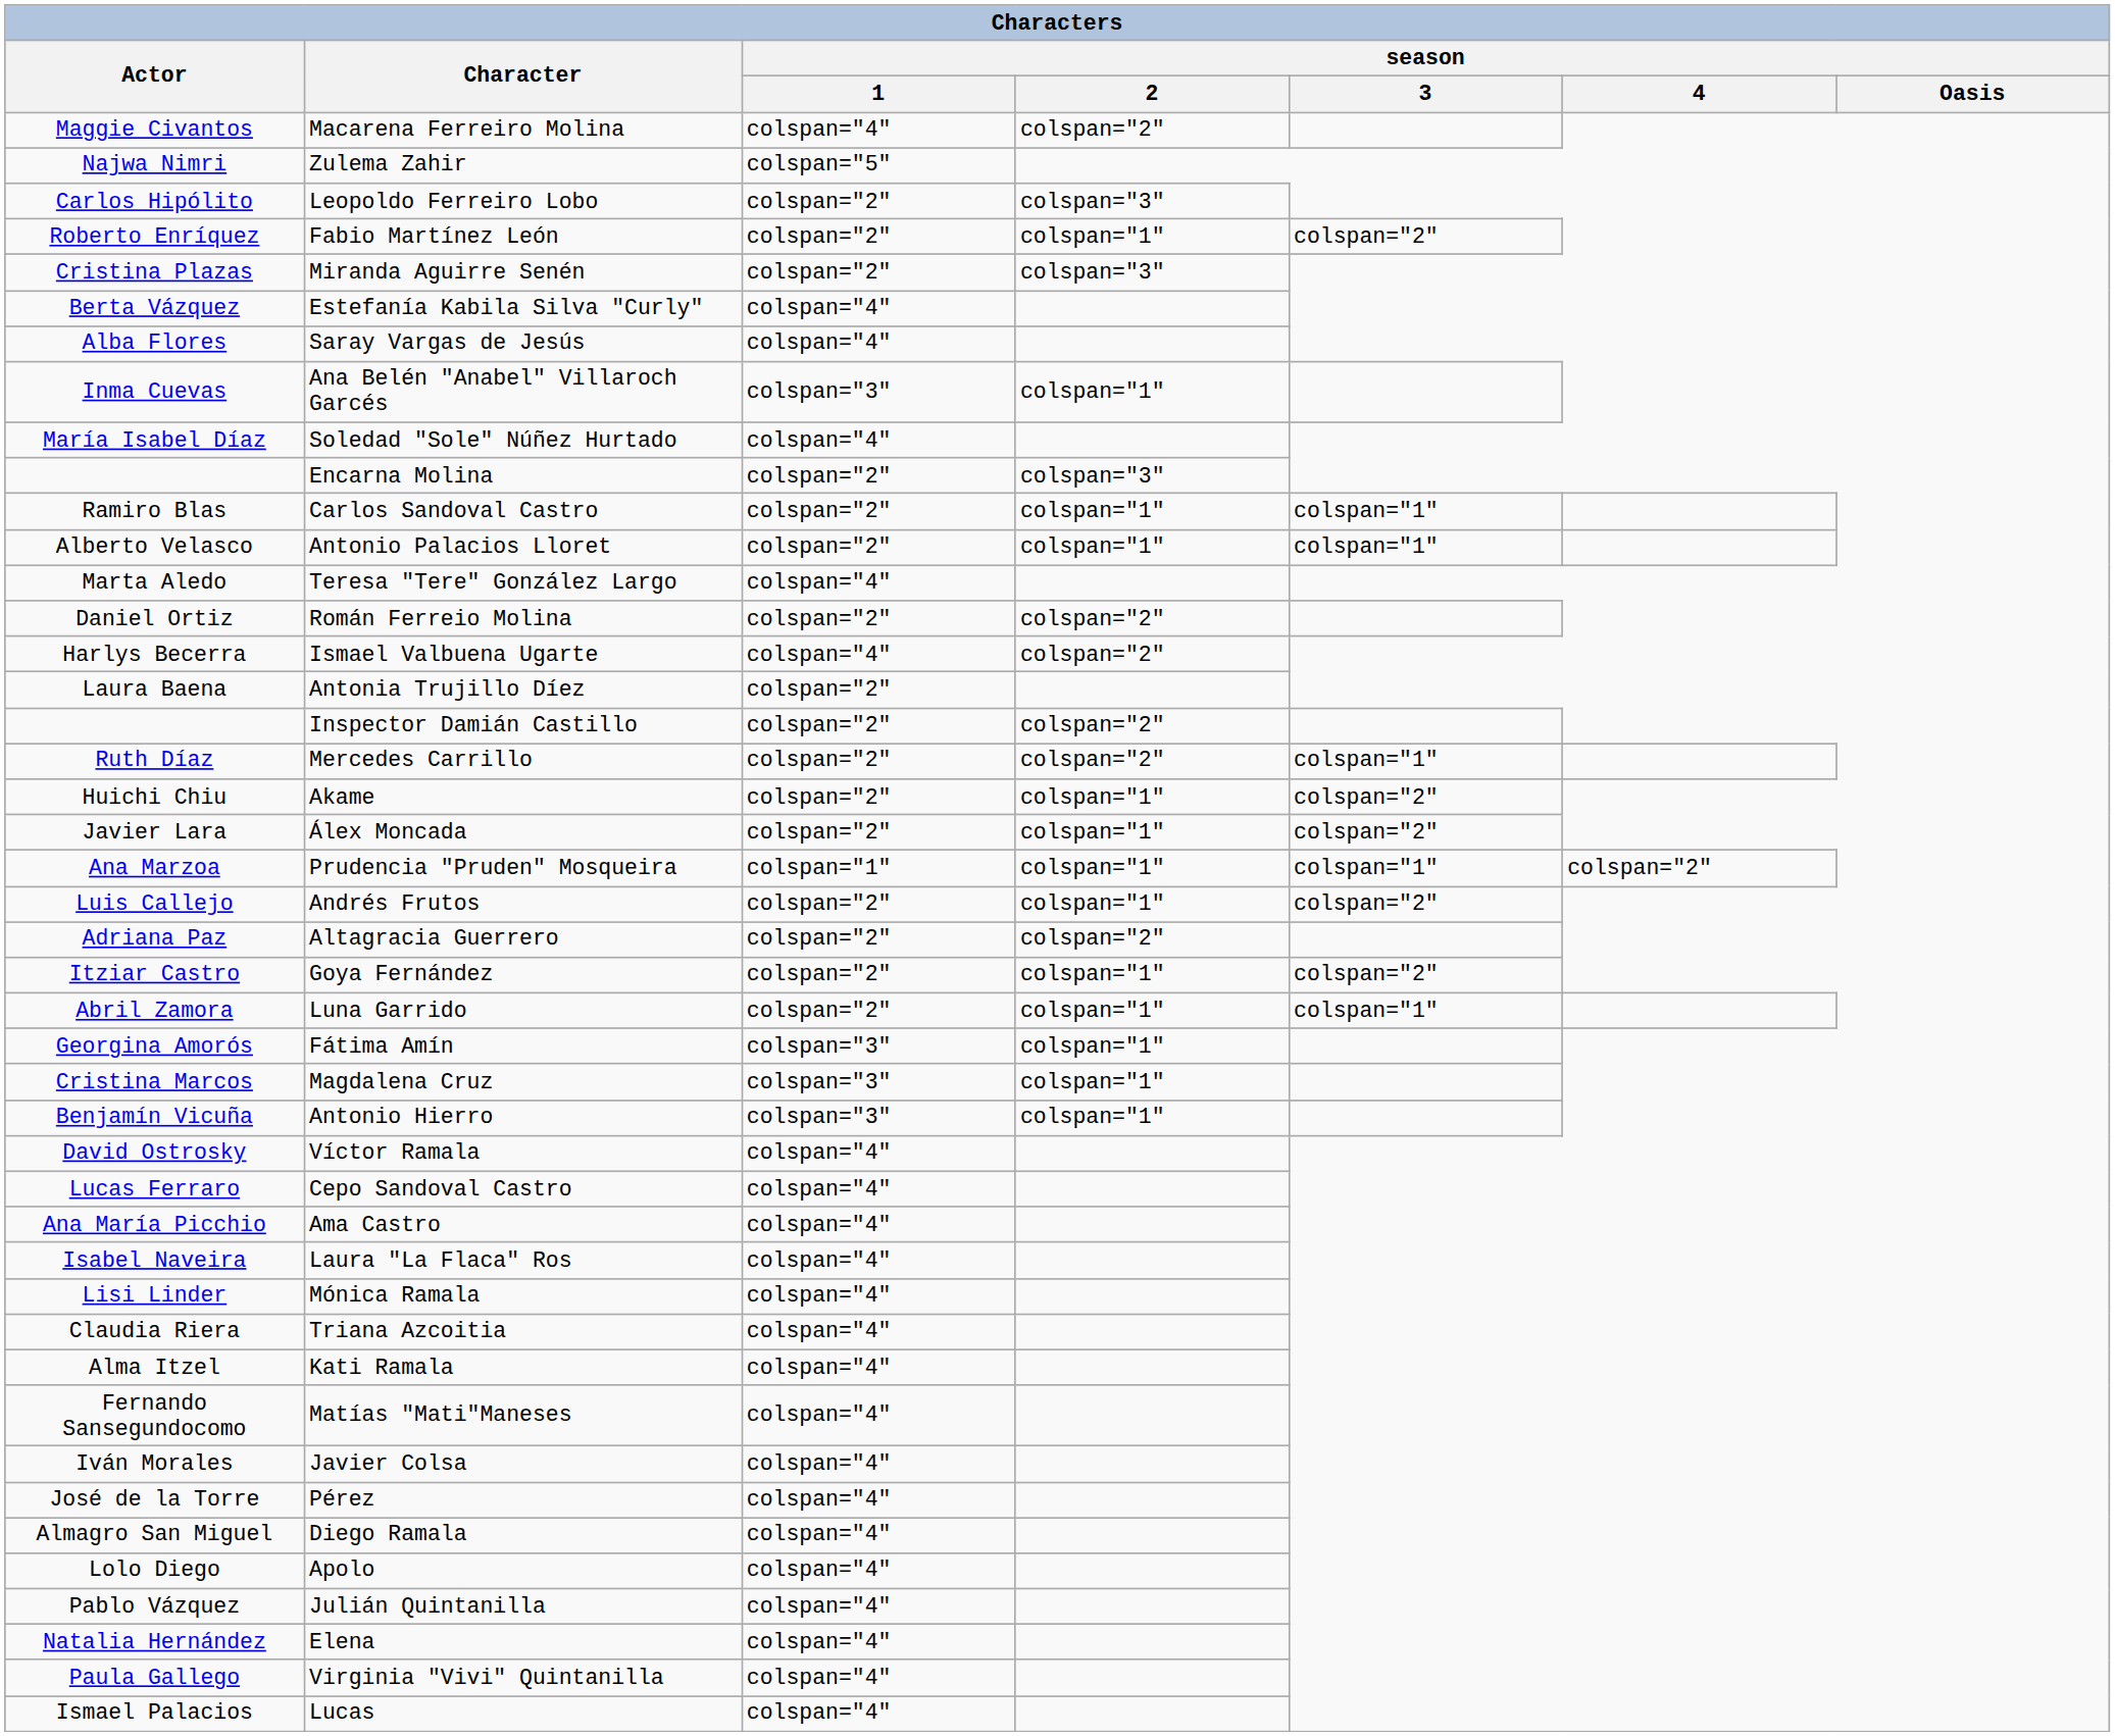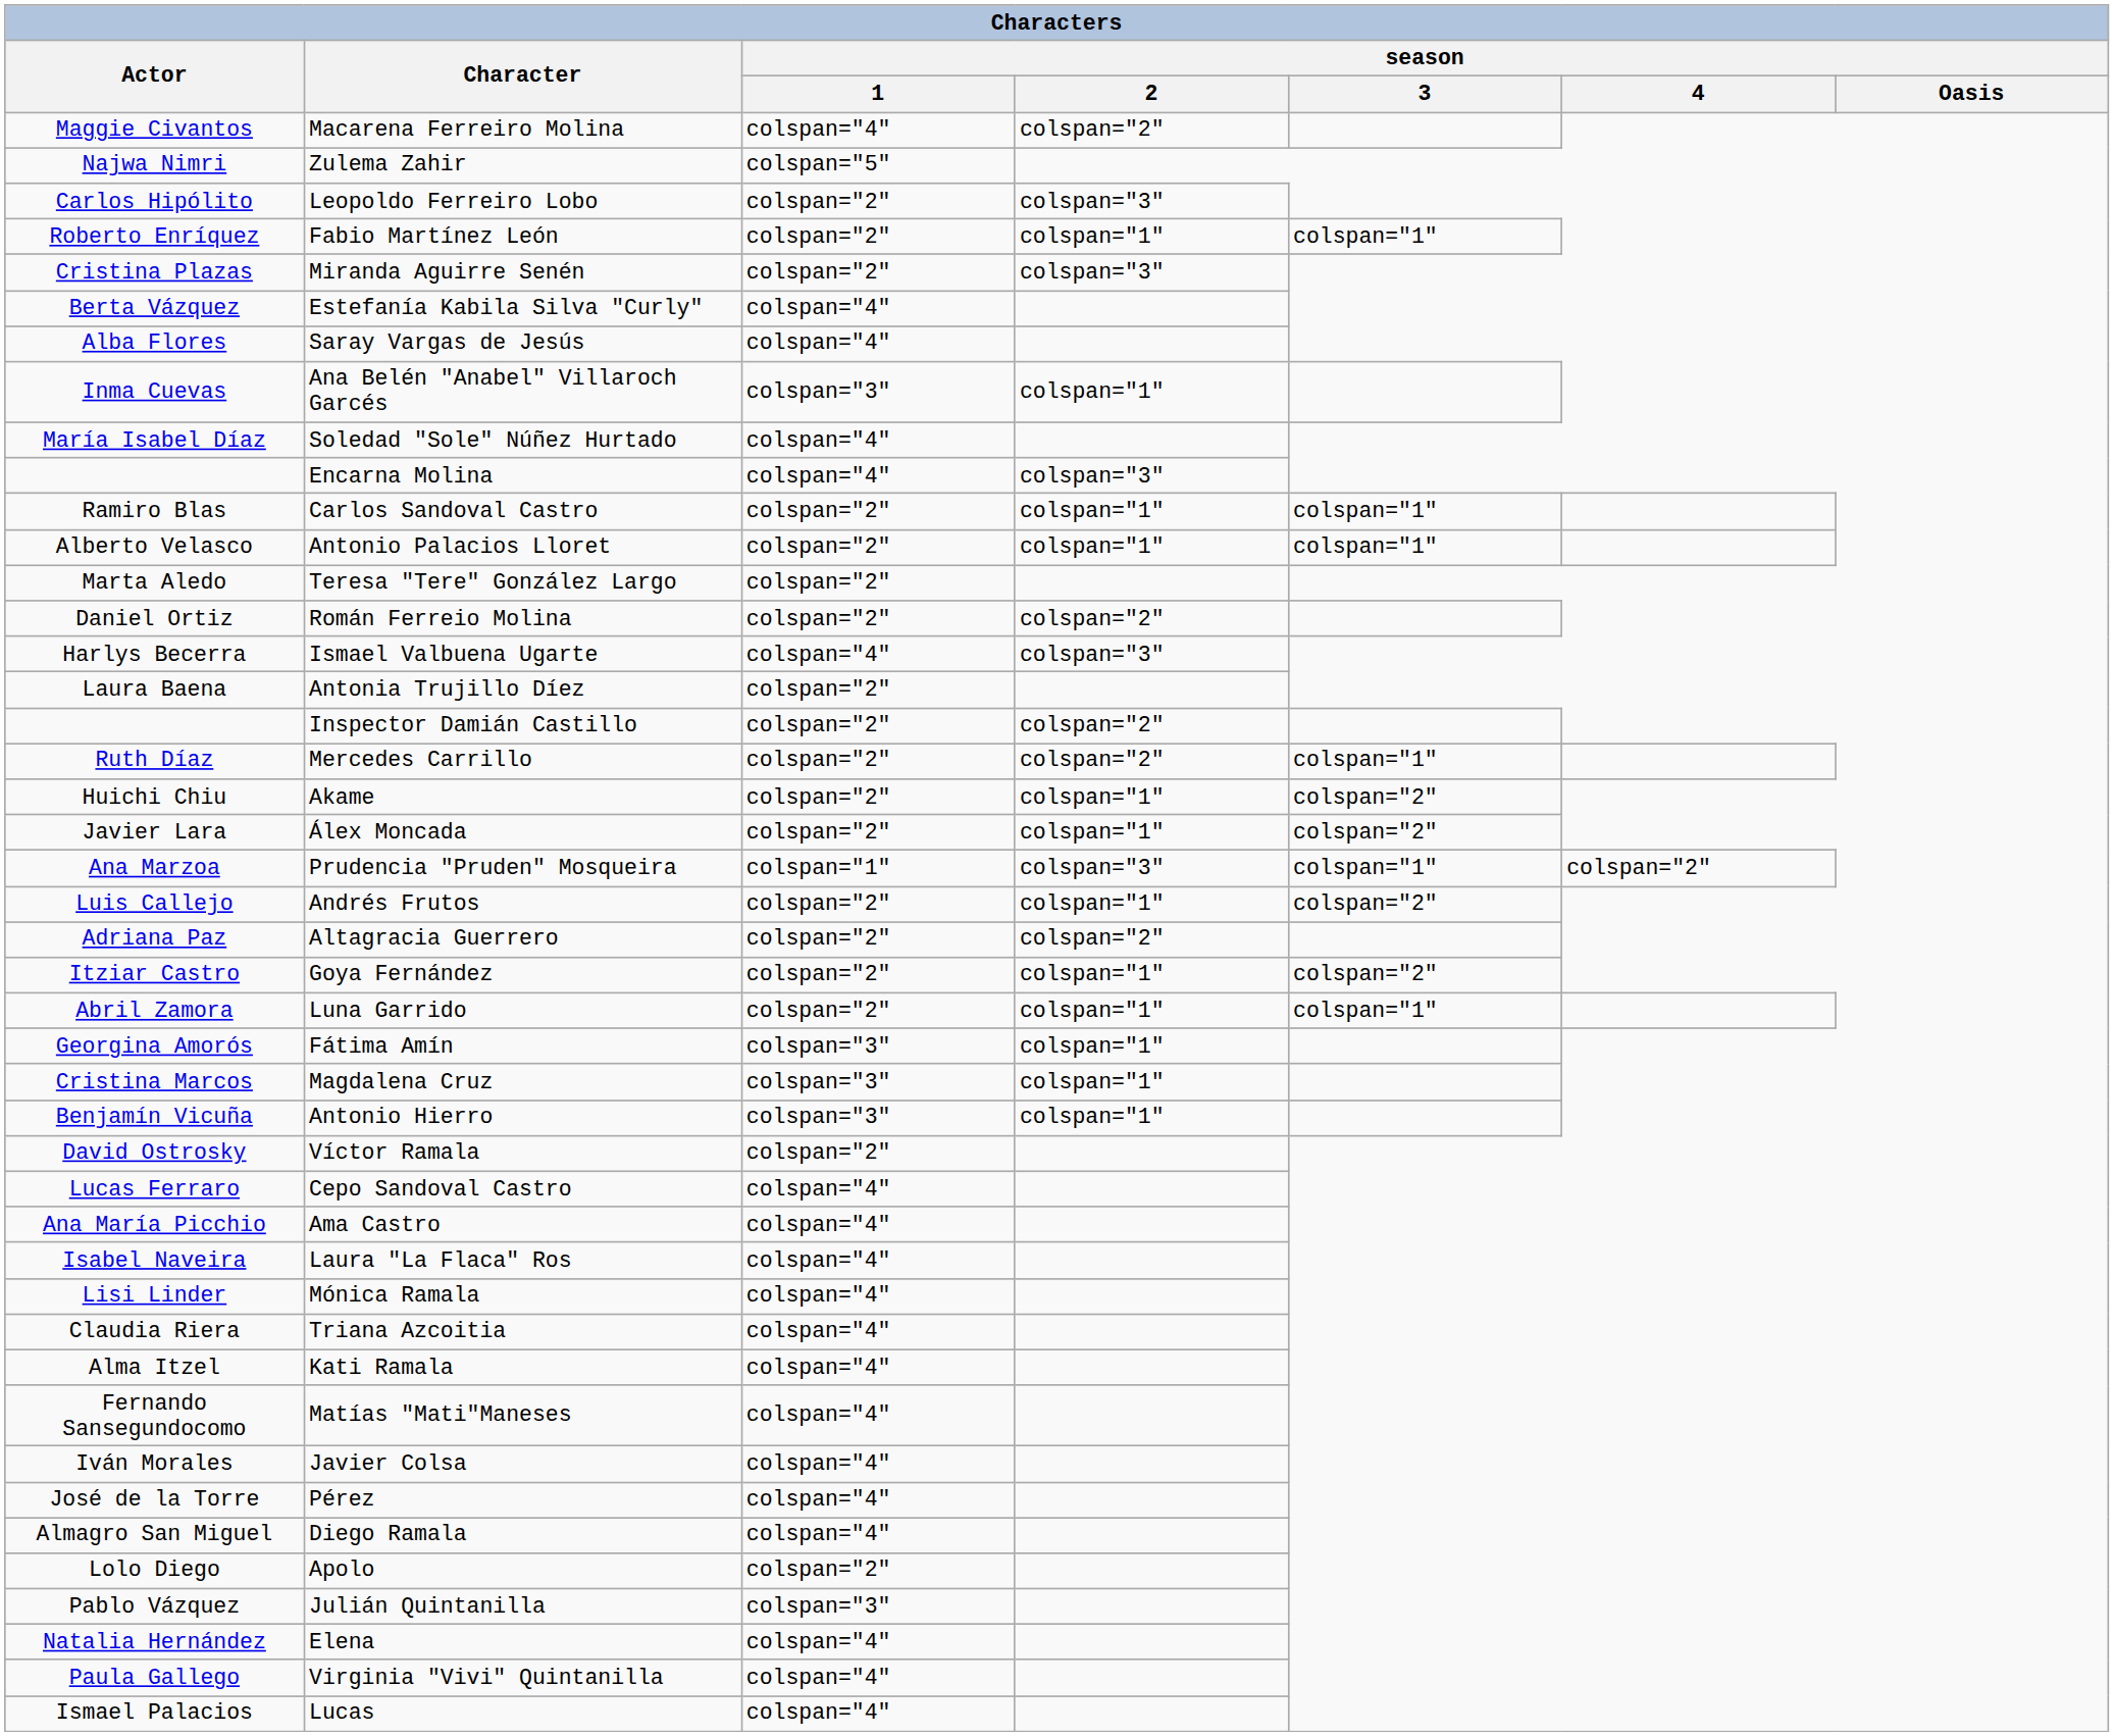 <table class="wikitable">
 <tr>
 <th colspan="7" style="background: LightSteelBlue;">Characters</th>
 </tr>
 <tr>
 <th rowspan="2">Actor</th>
 <th rowspan="2">Character</th>
 <th colspan="5">season</th>
 </tr>
 <tr>
 <th width="13%" scope="col">1</th>
 <th width="13%" scope="col">2</th>
 <th width="13%" scope="col">3</th>
 <th width="13%" scope="col">4</th>
 <th width="13%" scope="col">Oasis</th>
 </tr>
 <tr>
 <td align="center"><a href='#'>Maggie Civantos</a></td>
 <td>   Macarena Ferreiro Molina</td>
 <td>colspan="4" </td>
 <td>colspan="2" </td>
 <td></td>
 </tr>
 <tr>
 <td align="center"><a href='#'>Najwa Nimri</a></td>
 <td>   Zulema Zahir</td>
 <td>colspan="5" </td>
 </tr>
 <tr>
 <td align="center"><a href='#'>Carlos Hipólito</a></td>
 <td>  Leopoldo Ferreiro Lobo</td>
 <td>colspan="2" </td>
 <td>colspan="3" </td>
 </tr>
 <tr>
 <td align="center"><a href='#'>Roberto Enríquez</a></td>
 <td>  Fabio Martínez León</td>
 <td>colspan="2" </td>
 <td>colspan="1" </td>
-<td>colspan="2" </td>
+<td>colspan="1" </td>
 </tr>
 <tr>
 <td align="center"><a href='#'>Cristina Plazas</a></td>
 <td> Miranda Aguirre Senén</td>
 <td>colspan="2" </td>
 <td>colspan="3" </td>
 </tr>
 <tr>
 <td align="center"><a href='#'>Berta Vázquez</a></td>
 <td> Estefanía Kabila Silva "Curly"</td>
 <td>colspan="4" </td>
 <td></td>
 </tr>
 <tr>
 <td align="center"><a href='#'>Alba Flores</a></td>
 <td>  Saray Vargas de Jesús</td>
 <td>colspan="4" </td>
 <td></td>
 </tr>
 <tr>
 <td align="center"><a href='#'>Inma Cuevas</a></td>
 <td> Ana Belén "Anabel" Villaroch Garcés</td>
 <td>colspan="3" </td>
 <td>colspan="1" </td>
 <td></td>
 </tr>
 <tr>
 <td align="center"><a href='#'>María Isabel Díaz</a></td>
 <td> Soledad "Sole" Núñez Hurtado</td>
 <td>colspan="4" </td>
 <td></td>
 </tr>
 <tr>
 <td align="center"></td>
 <td> Encarna Molina</td>
-<td>colspan="2" </td>
+<td>colspan="4" </td>
 <td>colspan="3" </td>
 </tr>
 <tr>
 <td align="center">Ramiro Blas</td>
 <td>  Carlos Sandoval Castro</td>
 <td>colspan="2" </td>
 <td>colspan="1" </td>
 <td>colspan="1" </td>
 <td></td>
 </tr>
 <tr>
 <td align="center">Alberto Velasco</td>
 <td> Antonio Palacios Lloret</td>
 <td>colspan="2" </td>
 <td>colspan="1" </td>
 <td>colspan="1" </td>
 <td></td>
 </tr>
 <tr>
 <td align="center">Marta Aledo</td>
 <td> Teresa "Tere" González Largo</td>
-<td>colspan="4" </td>
+<td>colspan="2" </td>
 <td></td>
 </tr>
 <tr>
 <td align="center">Daniel Ortiz</td>
 <td>  Román Ferreio Molina</td>
 <td>colspan="2" </td>
 <td>colspan="2" </td>
 <td></td>
 </tr>
 <tr>
 <td align="center">Harlys Becerra</td>
 <td> Ismael Valbuena Ugarte</td>
 <td>colspan="4" </td>
-<td>colspan="2" </td>
+<td>colspan="3" </td>
 </tr>
 <tr>
 <td align="center">Laura Baena</td>
 <td> Antonia Trujillo Díez</td>
 <td>colspan="2" </td>
 <td></td>
 </tr>
 <tr>
 <td align="center"></td>
 <td>  Inspector Damián Castillo</td>
 <td>colspan="2" </td>
 <td>colspan="2" </td>
 <td></td>
 </tr>
 <tr>
 <td align="center"><a href='#'>Ruth Díaz</a></td>
 <td> Mercedes Carrillo</td>
 <td>colspan="2" </td>
 <td>colspan="2" </td>
 <td>colspan="1" </td>
 <td></td>
 </tr>
 <tr>
 <td align="center">Huichi Chiu</td>
 <td> Akame</td>
 <td>colspan="2" </td>
 <td>colspan="1" </td>
 <td>colspan="2" </td>
 </tr>
 <tr>
 <td align="center">Javier Lara</td>
 <td> Álex Moncada</td>
 <td>colspan="2" </td>
 <td>colspan="1" </td>
 <td>colspan="2" </td>
 </tr>
 <tr>
 <td align="center"><a href='#'>Ana Marzoa</a></td>
 <td> Prudencia "Pruden" Mosqueira</td>
 <td>colspan="1" </td>
-<td>colspan="1" </td>
+<td>colspan="3" </td>
 <td>colspan="1" </td>
 <td>colspan="2" </td>
 </tr>
 <tr>
 <td align="center"><a href='#'>Luis Callejo</a></td>
 <td> Andrés Frutos</td>
 <td>colspan="2" </td>
 <td>colspan="1" </td>
 <td>colspan="2" </td>
 </tr>
 <tr>
 <td align="center"><a href='#'>Adriana Paz</a></td>
 <td>  Altagracia Guerrero</td>
 <td>colspan="2" </td>
 <td>colspan="2" </td>
 <td></td>
 </tr>
 <tr>
 <td align="center"><a href='#'>Itziar Castro</a></td>
 <td>  Goya Fernández</td>
 <td>colspan="2" </td>
 <td>colspan="1" </td>
 <td>colspan="2" </td>
 </tr>
 <tr>
 <td align="center"><a href='#'>Abril Zamora</a></td>
 <td> Luna Garrido</td>
 <td>colspan="2" </td>
 <td>colspan="1" </td>
 <td>colspan="1" </td>
 <td></td>
 </tr>
 <tr>
 <td align="center"><a href='#'>Georgina Amorós</a></td>
 <td> Fátima Amín</td>
 <td>colspan="3" </td>
 <td>colspan="1" </td>
 <td></td>
 </tr>
 <tr>
 <td align="center"><a href='#'>Cristina Marcos</a></td>
 <td> Magdalena Cruz</td>
 <td>colspan="3" </td>
 <td>colspan="1" </td>
 <td></td>
 </tr>
 <tr>
 <td align="center"><a href='#'>Benjamín Vicuña</a></td>
 <td> Antonio Hierro</td>
 <td>colspan="3" </td>
 <td>colspan="1" </td>
 <td></td>
 </tr>
 <tr>
 <td align="center"><a href='#'>David Ostrosky</a></td>
 <td> Víctor Ramala</td>
-<td>colspan="4" </td>
+<td>colspan="2" </td>
 <td></td>
 </tr>
 <tr>
 <td align="center"><a href='#'>Lucas Ferraro</a></td>
 <td> Cepo Sandoval Castro</td>
 <td>colspan="4" </td>
 <td></td>
 </tr>
 <tr>
 <td align="center"><a href='#'>Ana María Picchio</a></td>
 <td> Ama Castro</td>
 <td>colspan="4" </td>
 <td></td>
 </tr>
 <tr>
 <td align="center"><a href='#'>Isabel Naveira</a></td>
 <td>  Laura "La Flaca" Ros</td>
 <td>colspan="4" </td>
 <td></td>
 </tr>
 <tr>
 <td align="center"><a href='#'>Lisi Linder</a></td>
 <td>  Mónica Ramala</td>
 <td>colspan="4" </td>
 <td></td>
 </tr>
 <tr>
 <td align="center">Claudia Riera</td>
 <td> Triana Azcoitia</td>
 <td>colspan="4" </td>
 <td></td>
 </tr>
 <tr>
 <td align="center">Alma Itzel</td>
 <td> Kati Ramala</td>
 <td>colspan="4" </td>
 <td></td>
 </tr>
 <tr>
 <td align="center">Fernando Sansegundocomo</td>
 <td> Matías "Mati"Maneses</td>
 <td>colspan="4" </td>
 <td></td>
 </tr>
 <tr>
 <td align="center">Iván Morales</td>
 <td> Javier Colsa</td>
 <td>colspan="4" </td>
 <td></td>
 </tr>
 <tr>
 <td align="center">José de la Torre</td>
 <td> Pérez</td>
 <td>colspan="4" </td>
 <td></td>
 </tr>
 <tr>
 <td align="center">Almagro San Miguel</td>
 <td> Diego Ramala</td>
 <td>colspan="4" </td>
 <td></td>
 </tr>
 <tr>
 <td align="center">Lolo Diego</td>
 <td> Apolo</td>
-<td>colspan="4" </td>
+<td>colspan="2" </td>
 <td></td>
 </tr>
 <tr>
 <td align="center">Pablo Vázquez</td>
 <td> Julián Quintanilla</td>
-<td>colspan="4" </td>
+<td>colspan="3" </td>
 <td></td>
 </tr>
 <tr>
 <td align="center"><a href='#'>Natalia Hernández</a></td>
 <td> Elena</td>
 <td>colspan="4" </td>
 <td></td>
 </tr>
 <tr>
 <td align="center"><a href='#'>Paula Gallego</a></td>
 <td> Virginia "Vivi" Quintanilla</td>
 <td>colspan="4" </td>
 <td></td>
 </tr>
 <tr>
 <td align="center">Ismael Palacios</td>
 <td> Lucas</td>
 <td>colspan="4" </td>
 <td></td>
 </tr>
 <tr>
 </tr>
 </table>
